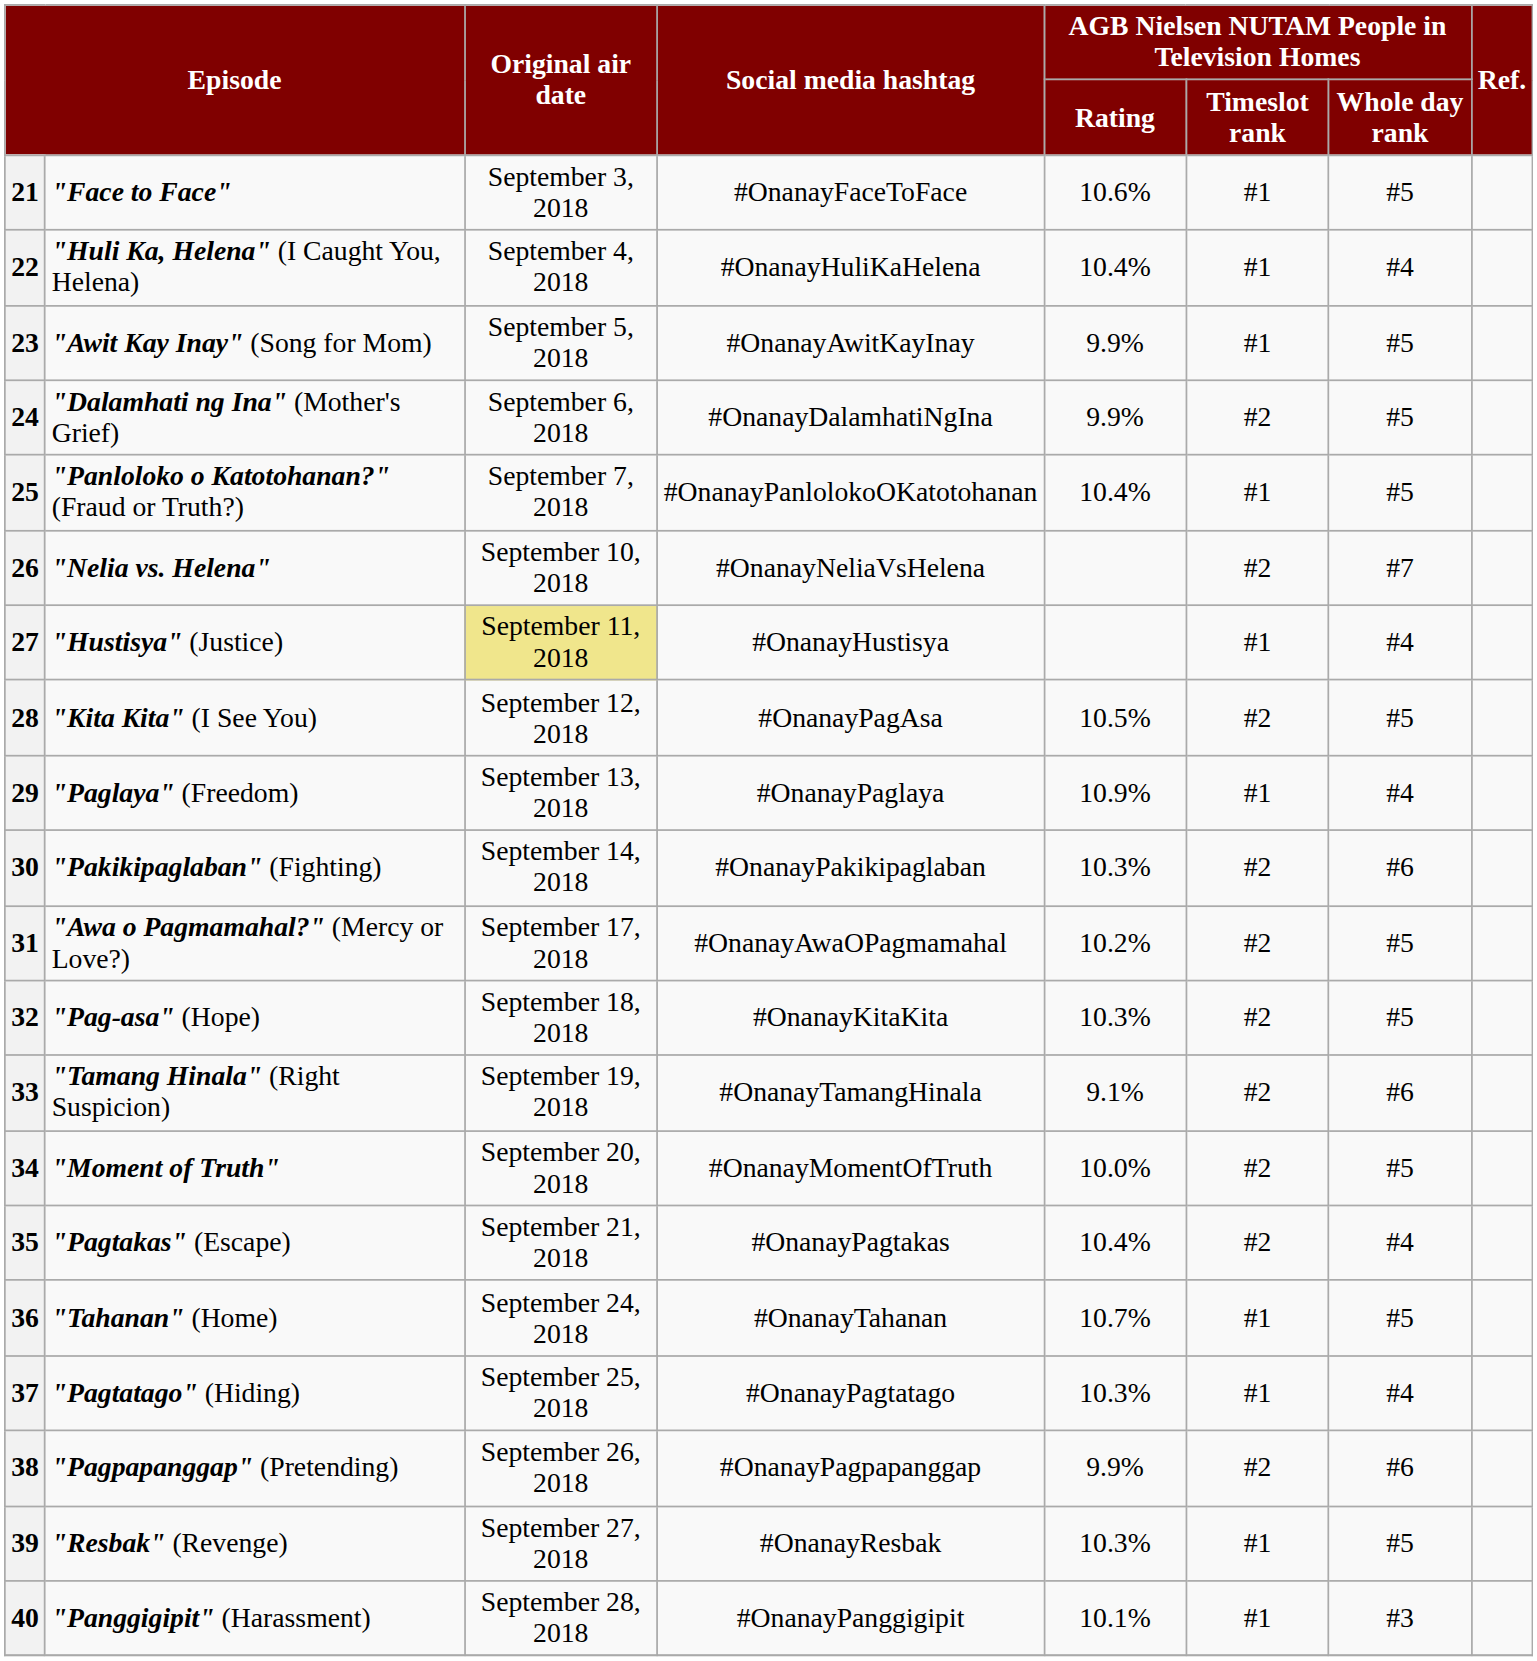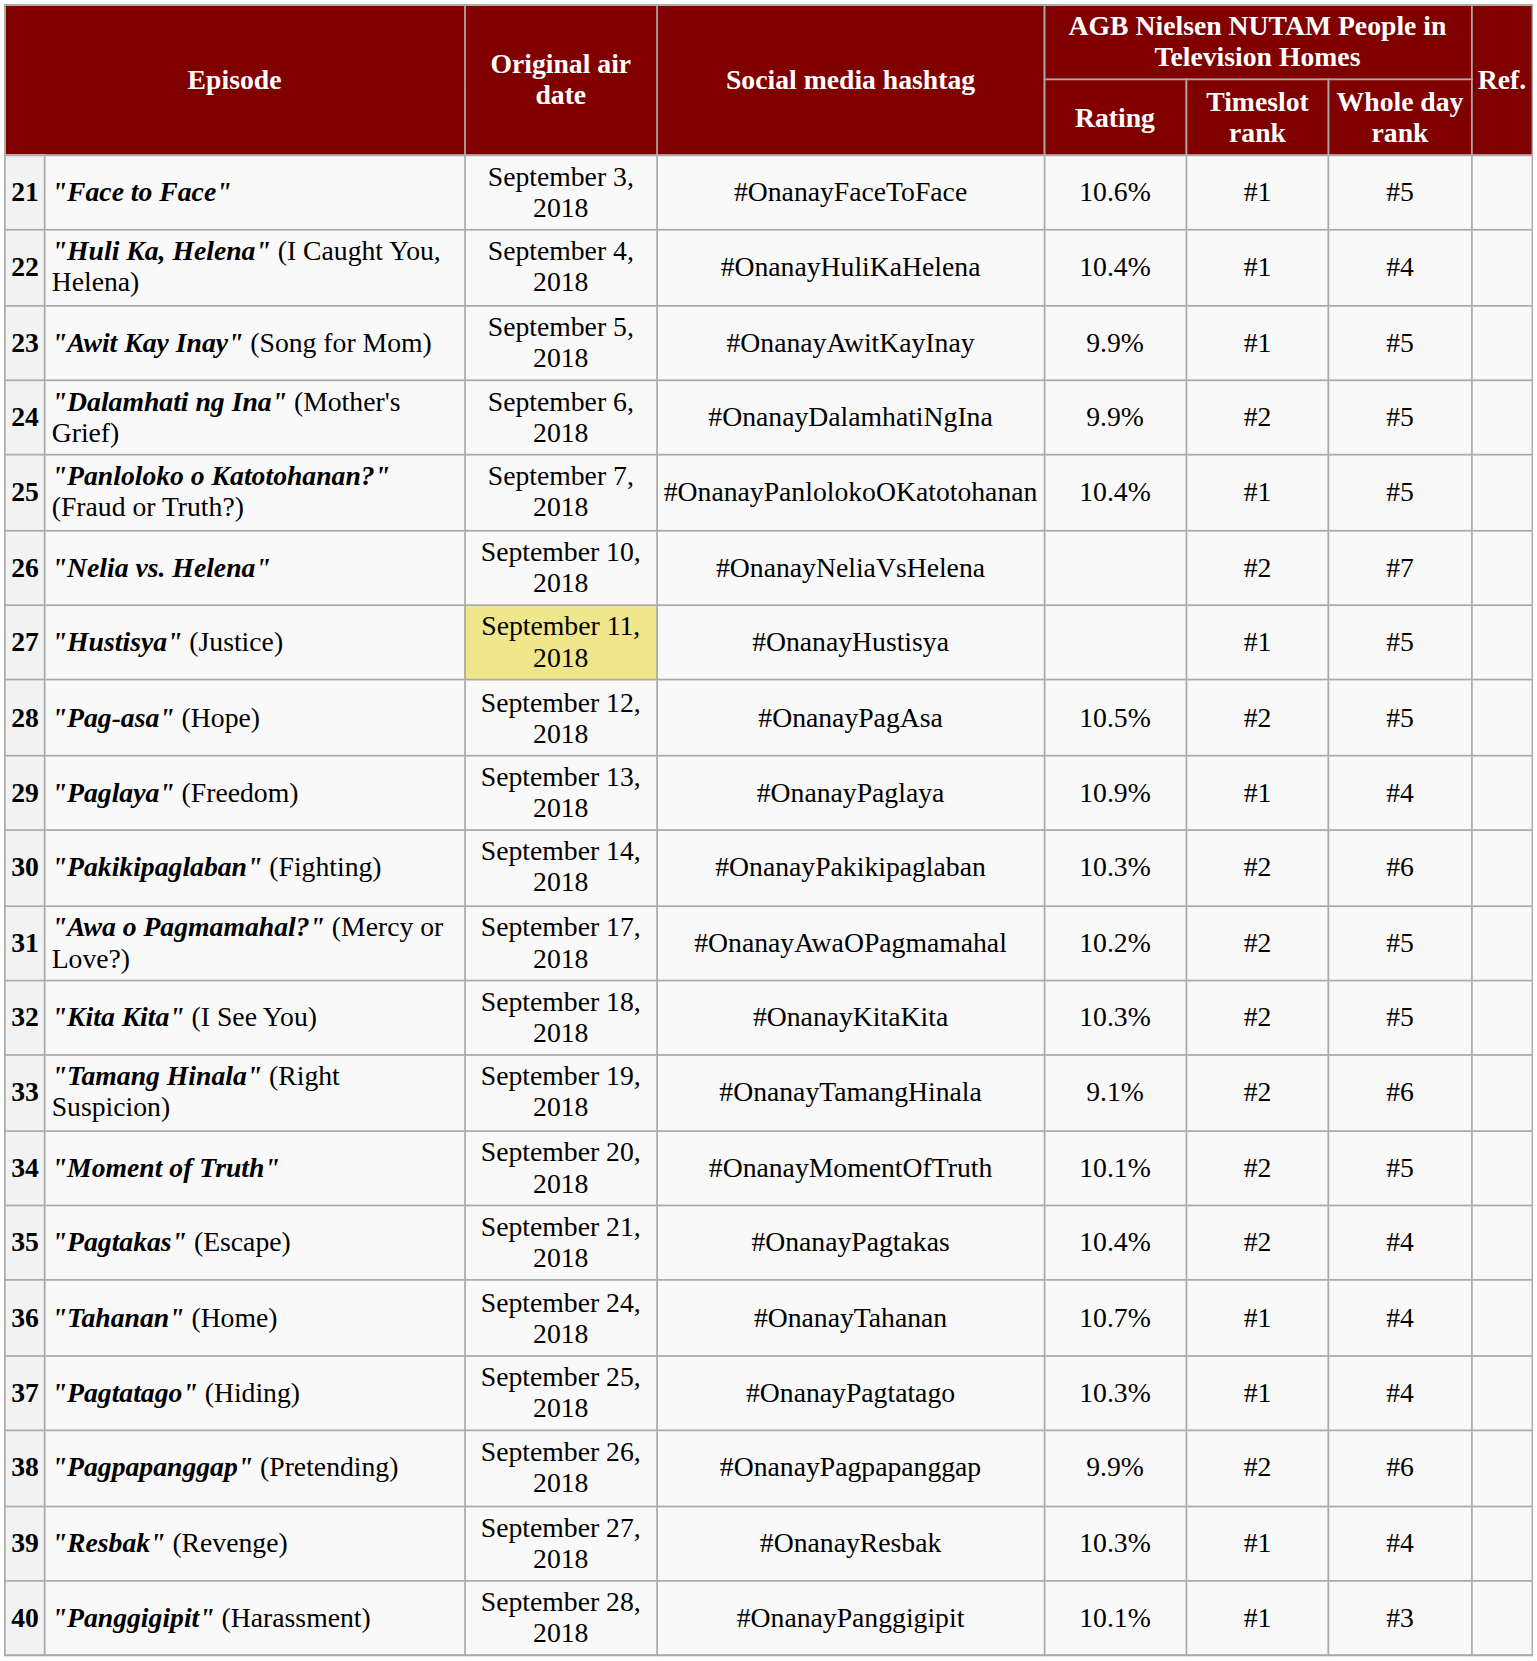 <table class="wikitable" style="text-align:center; font-size:100%; line-height:18px;" width="100%">
 <tr>
 <th style="background-color:#800000; color:#ffffff;" colspan="2" rowspan="2">Episode</th>
 <th style="background-color:#800000; color:white" rowspan="2">Original air date</th>
 <th style="background-color:#800000; color:white" rowspan="2">Social media hashtag</th>
 <th style="background-color:#800000; color:#ffffff;" colspan="3">AGB Nielsen NUTAM People in Television Homes</th>
 <th style="background-color:#800000;  color:#ffffff;" rowspan="2">Ref.</th>
 </tr>
 <tr>
 <th style="background-color:#800000; width:75px; color:#ffffff;">Rating</th>
 <th style="background-color:#800000;  width:75px; color:#ffffff;">Timeslot<br>rank</th>
 <th style="background-color:#800000; width:75px; color:#ffffff;">Whole day<br>rank</th>
 </tr>
 <tr>
 <th>21</th>
 <td style="text-align: left;"><strong><em>"Face to Face"</em></strong></td>
 <td>September 3, 2018</td>
 <td>#OnanayFaceToFace</td>
 <td>10.6%</td>
 <td>#1</td>
 <td>#5</td>
 <td></td>
 </tr>
 <tr>
 <th>22</th>
 <td style="text-align: left;"><strong><em>"Huli Ka, Helena"</em></strong> (I Caught You, Helena)</td>
 <td>September 4, 2018</td>
 <td>#OnanayHuliKaHelena</td>
 <td>10.4%</td>
 <td>#1</td>
 <td>#4</td>
 <td></td>
 </tr>
 <tr>
 <th>23</th>
 <td style="text-align: left;"><strong><em>"Awit Kay Inay"</em></strong> (Song for Mom)</td>
 <td>September 5, 2018</td>
 <td>#OnanayAwitKayInay</td>
 <td>9.9%</td>
 <td>#1</td>
 <td>#5</td>
 <td></td>
 </tr>
 <tr>
 <th>24</th>
 <td style="text-align: left;"><strong><em>"Dalamhati ng Ina"</em></strong> (Mother's Grief)</td>
 <td>September 6, 2018</td>
 <td>#OnanayDalamhatiNgIna</td>
 <td>9.9%</td>
 <td>#2</td>
 <td>#5</td>
 <td></td>
 </tr>
 <tr>
 <th>25</th>
 <td style="text-align: left;"><strong><em>"Panloloko o Katotohanan?"</em></strong> (Fraud or Truth?)</td>
 <td>September 7, 2018</td>
 <td>#OnanayPanlolokoOKatotohanan</td>
 <td>10.4%</td>
 <td>#1</td>
 <td>#5</td>
 <td></td>
 </tr>
 <tr>
 <th>26</th>
 <td style="text-align: left;"><strong><em>"Nelia vs. Helena"</em></strong></td>
 <td>September 10, 2018</td>
 <td>#OnanayNeliaVsHelena</td>
 <td></td>
 <td>#2</td>
 <td>#7</td>
 <td></td>
 </tr>
 <tr>
 <th>27</th>
 <td style="text-align: left;"><strong><em>"Hustisya"</em></strong> (Justice)</td>
 <td style="background: khaki;">September 11, 2018</td>
 <td>#OnanayHustisya</td>
 <td></td>
 <td>#1</td>
-<td>#4</td>
+<td>#5</td>
 <td></td>
 </tr>
 <tr>
 <th>28</th>
-<td style="text-align: left;"><strong><em>"Kita Kita"</em></strong> (I See You)</td>
+<td style="text-align: left;"><strong><em>"Pag-asa"</em></strong> (Hope)</td>
 <td>September 12, 2018</td>
 <td>#OnanayPagAsa</td>
 <td>10.5%</td>
 <td>#2</td>
 <td>#5</td>
 <td></td>
 </tr>
 <tr>
 <th>29</th>
 <td style="text-align: left;"><strong><em>"Paglaya"</em></strong> (Freedom)</td>
 <td>September 13, 2018</td>
 <td>#OnanayPaglaya</td>
 <td>10.9%</td>
 <td>#1</td>
 <td>#4</td>
 <td></td>
 </tr>
 <tr>
 <th>30</th>
 <td style="text-align: left;"><strong><em>"Pakikipaglaban"</em></strong> (Fighting)</td>
 <td>September 14, 2018</td>
 <td>#OnanayPakikipaglaban</td>
 <td>10.3%</td>
 <td>#2</td>
 <td>#6</td>
 <td></td>
 </tr>
 <tr>
 <th>31</th>
 <td style="text-align: left;"><strong><em>"Awa o Pagmamahal?"</em></strong> (Mercy or Love?)</td>
 <td>September 17, 2018</td>
 <td>#OnanayAwaOPagmamahal</td>
 <td>10.2%</td>
 <td>#2</td>
 <td>#5</td>
 <td></td>
 </tr>
 <tr>
 <th>32</th>
-<td style="text-align: left;"><strong><em>"Pag-asa"</em></strong> (Hope)</td>
+<td style="text-align: left;"><strong><em>"Kita Kita"</em></strong> (I See You)</td>
 <td>September 18, 2018</td>
 <td>#OnanayKitaKita</td>
 <td>10.3%</td>
 <td>#2</td>
 <td>#5</td>
 <td></td>
 </tr>
 <tr>
 <th>33</th>
 <td style="text-align: left;"><strong><em>"Tamang Hinala"</em></strong> (Right Suspicion)</td>
 <td>September 19, 2018</td>
 <td>#OnanayTamangHinala</td>
 <td>9.1%</td>
 <td>#2</td>
 <td>#6</td>
 <td></td>
 </tr>
 <tr>
 <th>34</th>
 <td style="text-align: left;"><strong><em>"Moment of Truth"</em></strong></td>
 <td>September 20, 2018</td>
 <td>#OnanayMomentOfTruth</td>
-<td>10.0%</td>
+<td>10.1%</td>
 <td>#2</td>
 <td>#5</td>
 <td></td>
 </tr>
 <tr>
 <th>35</th>
 <td style="text-align: left;"><strong><em>"Pagtakas"</em></strong> (Escape)</td>
 <td>September 21, 2018</td>
 <td>#OnanayPagtakas</td>
 <td>10.4%</td>
 <td>#2</td>
 <td>#4</td>
 <td></td>
 </tr>
 <tr>
 <th>36</th>
 <td style="text-align: left;"><strong><em>"Tahanan"</em></strong> (Home)</td>
 <td>September 24, 2018</td>
 <td>#OnanayTahanan</td>
 <td>10.7%</td>
 <td>#1</td>
-<td>#5</td>
+<td>#4</td>
 <td></td>
 </tr>
 <tr>
 <th>37</th>
 <td style="text-align: left;"><strong><em>"Pagtatago"</em></strong> (Hiding)</td>
 <td>September 25, 2018</td>
 <td>#OnanayPagtatago</td>
 <td>10.3%</td>
 <td>#1</td>
 <td>#4</td>
 <td></td>
 </tr>
 <tr>
 <th>38</th>
 <td style="text-align: left;"><strong><em>"Pagpapanggap"</em></strong> (Pretending)</td>
 <td>September 26, 2018</td>
 <td>#OnanayPagpapanggap</td>
 <td>9.9%</td>
 <td>#2</td>
 <td>#6</td>
 <td></td>
 </tr>
 <tr>
 <th>39</th>
 <td style="text-align: left;"><strong><em>"Resbak"</em></strong> (Revenge)</td>
 <td>September 27, 2018</td>
 <td>#OnanayResbak</td>
 <td>10.3%</td>
 <td>#1</td>
-<td>#5</td>
+<td>#4</td>
 <td></td>
 </tr>
 <tr>
 <th>40</th>
 <td style="text-align: left;"><strong><em>"Panggigipit"</em></strong> (Harassment)</td>
 <td>September 28, 2018</td>
 <td>#OnanayPanggigipit</td>
 <td>10.1%</td>
 <td>#1</td>
 <td>#3</td>
 <td></td>
 </tr>
 <tr>
 </tr>
 </table>
